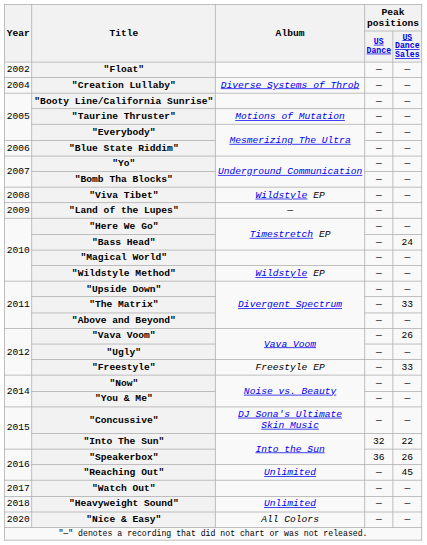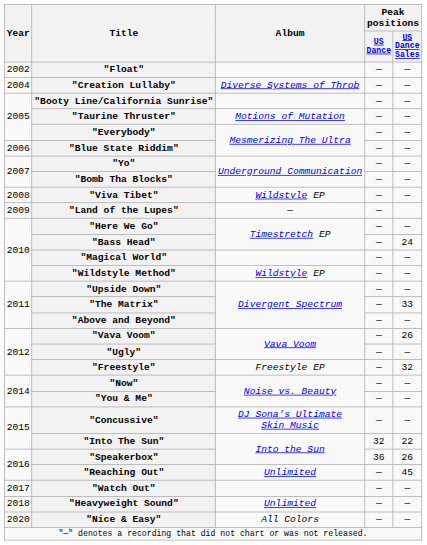 <table class="wikitable plainrowheaders" style="text-align:center;">
 <tr>
 <th rowspan="2" align="center">Year</th>
 <th rowspan="2">Title</th>
 <th rowspan="2">Album</th>
 <th colspan="2" align="center" width="20">Peak positions</th>
 </tr>
 <tr>
 <th scope="col" style="width:3em;font-size:85%;"><a href='#'>US Dance</a><br></th>
 <th scope="col" style="width:3em;font-size:85%;"><a href='#'>US Dance Sales</a><br></th>
 </tr>
 <tr>
 <td>2002</td>
 <th scope="row">"Float"</th>
 <td></td>
 <td>—</td>
 <td>—</td>
 </tr>
 <tr>
 <td>2004</td>
 <th scope="row">"Creation Lullaby"</th>
 <td><em><a href='#'>Diverse Systems of Throb</a></em></td>
 <td>—</td>
 <td>—</td>
 </tr>
 <tr>
 <td rowspan="3">2005</td>
 <th scope="row">"Booty Line/California Sunrise"</th>
 <td></td>
 <td>—</td>
 <td>—</td>
 </tr>
 <tr>
 <th scope="row">"Taurine Thruster"</th>
 <td><em><a href='#'>Motions of Mutation</a></em></td>
 <td>—</td>
 <td>—</td>
 </tr>
 <tr>
 <th scope="row">"Everybody"</th>
 <td rowspan="2"><em><a href='#'>Mesmerizing The Ultra</a></em></td>
 <td>—</td>
 <td>—</td>
 </tr>
 <tr>
 <td>2006</td>
 <th scope="row">"Blue State Riddim"</th>
 <td>—</td>
 <td>—</td>
 </tr>
 <tr>
 <td rowspan="2">2007</td>
 <th scope="row">"Yo"<br></th>
 <td rowspan="2"><em><a href='#'>Underground Communication</a></em></td>
 <td>—</td>
 <td>—</td>
 </tr>
 <tr>
 <th scope="row">"Bomb Tha Blocks"<br></th>
 <td>—</td>
 <td>—</td>
 </tr>
 <tr>
 <td>2008</td>
 <th scope="row">"Viva Tibet"<br></th>
 <td><em><a href='#'>Wildstyle</a> EP</em></td>
 <td>—</td>
 <td>—</td>
 </tr>
 <tr>
 <td>2009</td>
 <th scope="row">"Land of the Lupes"</th>
 <td>—</td>
 <td>—</td>
 </tr>
 <tr>
 <td rowspan="4">2010</td>
 <th scope="row">"Here We Go"</th>
 <td rowspan="2"><em><a href='#'>Timestretch</a> EP</em></td>
 <td>—</td>
 <td>—</td>
 </tr>
 <tr>
 <th scope="row">"Bass Head"</th>
 <td>—</td>
 <td>24</td>
 </tr>
 <tr>
 <th scope="row">"Magical World"<br></th>
 <td></td>
 <td>—</td>
 <td>—</td>
 </tr>
 <tr>
 <th scope="row">"Wildstyle Method"</th>
 <td><em><a href='#'>Wildstyle</a> EP</em></td>
 <td>—</td>
 <td>—</td>
 </tr>
 <tr>
 <td rowspan="3">2011</td>
 <th scope="row">"Upside Down"</th>
 <td rowspan="3"><em><a href='#'>Divergent Spectrum</a></em></td>
 <td>—</td>
 <td>—</td>
 </tr>
 <tr>
 <th scope="row">"The Matrix"</th>
 <td>—</td>
 <td>33</td>
 </tr>
 <tr>
 <th scope="row">"Above and Beyond"<br></th>
 <td>—</td>
 <td>—</td>
 </tr>
 <tr>
 <td rowspan="3">2012</td>
 <th scope="row">"Vava Voom"<br></th>
 <td rowspan="2"><em><a href='#'>Vava Voom</a></em></td>
 <td>—</td>
 <td>26</td>
 </tr>
 <tr>
 <th scope="row">"Ugly"<br></th>
 <td>—</td>
 <td>—</td>
 </tr>
 <tr>
 <th scope="row">"Freestyle"</th>
 <td><em>Freestyle EP</em></td>
 <td>—</td>
-<td>33</td>
+<td>32</td>
 </tr>
 <tr>
 <td rowspan="2">2014</td>
 <th scope="row">"Now"<br></th>
 <td rowspan="2"><em><a href='#'>Noise vs. Beauty</a></em></td>
 <td>—</td>
 <td>—</td>
 </tr>
 <tr>
 <th scope="row">"You & Me"<br></th>
 <td>—</td>
 <td>—</td>
 </tr>
 <tr>
 <td rowspan="2">2015</td>
 <th scope="row">"Concussive"<br></th>
 <td><em><a href='#'>DJ Sona's Ultimate</a><br><a href='#'>Skin Music</a></em></td>
 <td>—</td>
 <td>—</td>
 </tr>
 <tr>
 <th scope="row">"Into The Sun"</th>
 <td rowspan="2"><em><a href='#'>Into the Sun</a></em></td>
 <td>32</td>
 <td>22</td>
 </tr>
 <tr>
 <td rowspan="2">2016</td>
 <th scope="row">"Speakerbox"<br></th>
 <td>36</td>
 <td>26</td>
 </tr>
 <tr>
 <th scope="row">"Reaching Out"</th>
 <td><em><a href='#'>Unlimited</a></em></td>
 <td>—</td>
 <td>45</td>
 </tr>
 <tr>
 <td>2017</td>
 <th scope="row">"Watch Out"<br></th>
 <td></td>
 <td>—</td>
 <td>—</td>
 </tr>
 <tr>
 <td>2018</td>
 <th scope="row">"Heavyweight Sound" <br></th>
 <td><em><a href='#'>Unlimited</a></em></td>
 <td>—</td>
 <td>—</td>
 </tr>
 <tr>
 <td>2020</td>
 <th scope="row">"Nice & Easy" <br></th>
 <td><em>All Colors</em></td>
 <td>—</td>
 <td>—</td>
 </tr>
 <tr>
 <td colspan="5" style="font-size:85%">"—" denotes a recording that did not chart or was not released.</td>
 </tr>
 </table>
